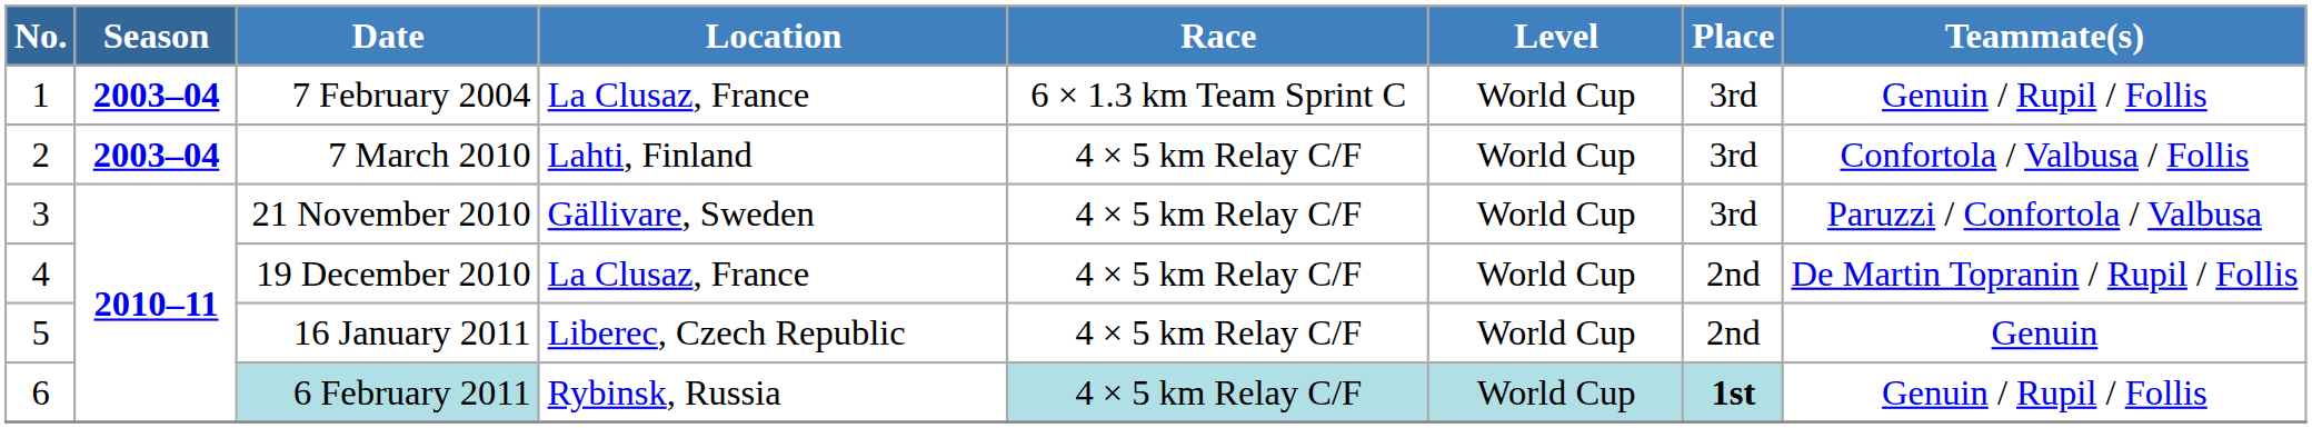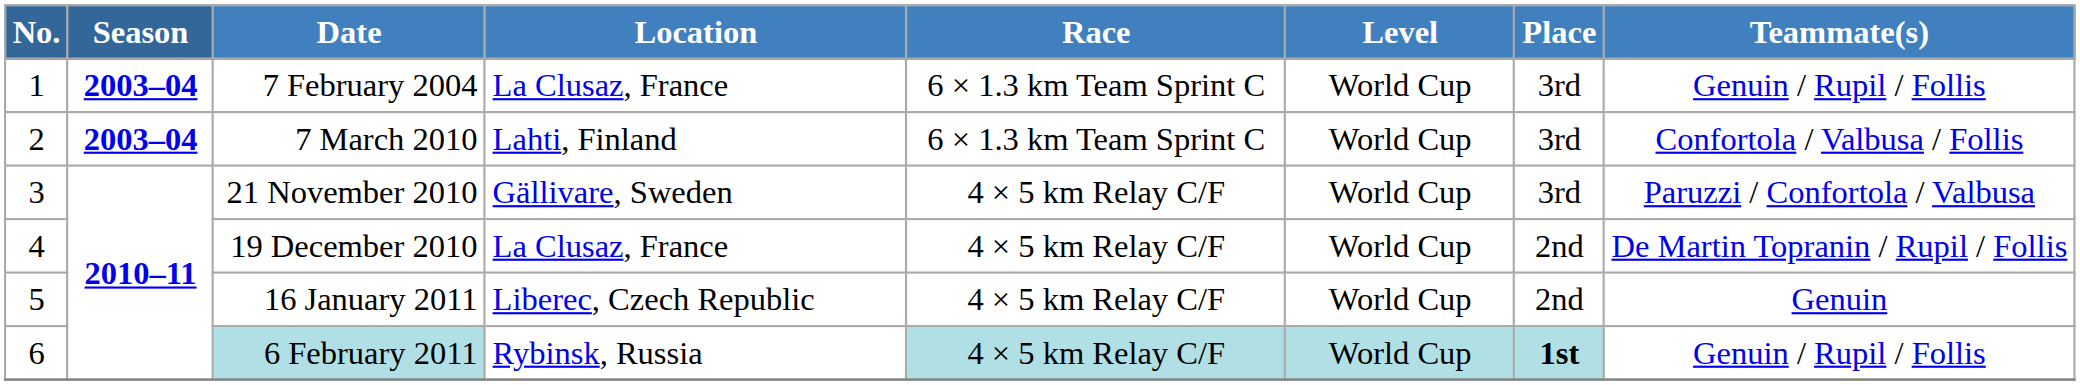 <table class="wikitable sortable" style="font-size:95%; text-align:center; border:grey solid 1px; border-collapse:collapse; background:#ffffff;">
 <tr style="background:#efefef;">
 <th style="background-color:#369; color:white;">No.</th>
 <th style="background-color:#369; color:white;">Season</th>
 <th style="background-color:#4180be; color:white; width:120px;">Date</th>
 <th style="background-color:#4180be; color:white; width:190px;">Location</th>
 <th style="background-color:#4180be; color:white; width:170px;">Race</th>
 <th style="background-color:#4180be; color:white; width:100px;">Level</th>
 <th style="background-color:#4180be; color:white;">Place</th>
 <th style="background-color:#4180be; color:white;">Teammate(s)</th>
 </tr>
 <tr>
 <td align=center>1</td>
 <td rowspan=1 align=center><strong> <a href='#'>2003–04</a> </strong></td>
 <td align=right>7 February 2004</td>
 <td align=left> <a href='#'>La Clusaz</a>, France</td>
 <td>6 × 1.3 km Team Sprint C</td>
 <td>World Cup</td>
 <td>3rd</td>
 <td><a href='#'>Genuin</a> / <a href='#'>Rupil</a> / <a href='#'>Follis</a></td>
 </tr>
 <tr>
 <td align=center>2</td>
 <td rowspan=1 align=center><strong> <a href='#'>2003–04</a> </strong></td>
 <td align=right>7 March 2010</td>
 <td align=left> <a href='#'>Lahti</a>, Finland</td>
-<td>4 × 5 km Relay C/F</td>
+<td>6 × 1.3 km Team Sprint C</td>
 <td>World Cup</td>
 <td>3rd</td>
 <td><a href='#'>Confortola</a> / <a href='#'>Valbusa</a> / <a href='#'>Follis</a></td>
 </tr>
 <tr>
 <td align=center>3</td>
 <td rowspan=4 align=center><strong> <a href='#'>2010–11</a> </strong></td>
 <td align=right>21 November 2010</td>
 <td align=left> <a href='#'>Gällivare</a>, Sweden</td>
 <td>4 × 5 km Relay C/F</td>
 <td>World Cup</td>
 <td>3rd</td>
 <td><a href='#'>Paruzzi</a> / <a href='#'>Confortola</a> / <a href='#'>Valbusa</a></td>
 </tr>
 <tr>
 <td align=center>4</td>
 <td align=right>19 December 2010</td>
 <td align=left> <a href='#'>La Clusaz</a>, France</td>
 <td>4 × 5 km Relay C/F</td>
 <td>World Cup</td>
 <td>2nd</td>
 <td><a href='#'>De Martin Topranin</a> / <a href='#'>Rupil</a> / <a href='#'>Follis</a></td>
 </tr>
 <tr>
 <td align=center>5</td>
 <td align=right>16 January 2011</td>
 <td align=left> <a href='#'>Liberec</a>, Czech Republic</td>
 <td>4 × 5 km Relay C/F</td>
 <td>World Cup</td>
 <td>2nd</td>
 <td><a href='#'>Genuin</a></td>
 </tr>
 <tr>
 <td align=center>6</td>
 <td bgcolor="#BOEOE6" align=right>6 February 2011</td>
 <td align=left> <a href='#'>Rybinsk</a>, Russia</td>
 <td bgcolor="#BOEOE6">4 × 5 km Relay C/F</td>
 <td bgcolor="#BOEOE6">World Cup</td>
 <td bgcolor="#BOEOE6"><strong>1st</strong></td>
 <td><a href='#'>Genuin</a> / <a href='#'>Rupil</a> / <a href='#'>Follis</a></td>
 </tr>
 <tr>
 </tr>
 </table>
